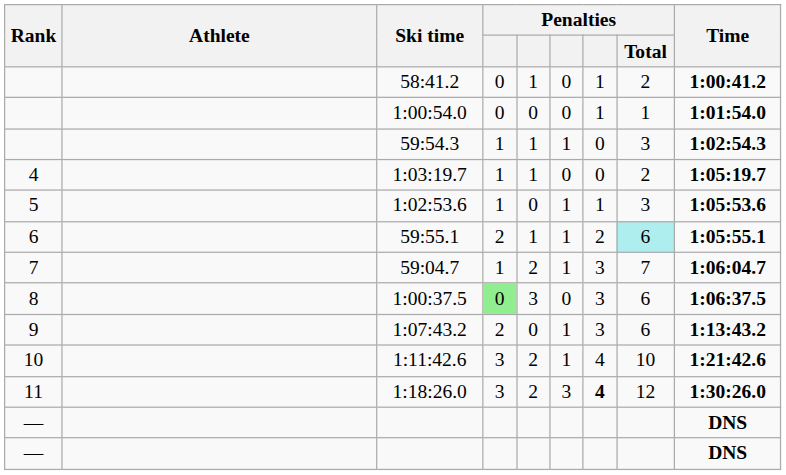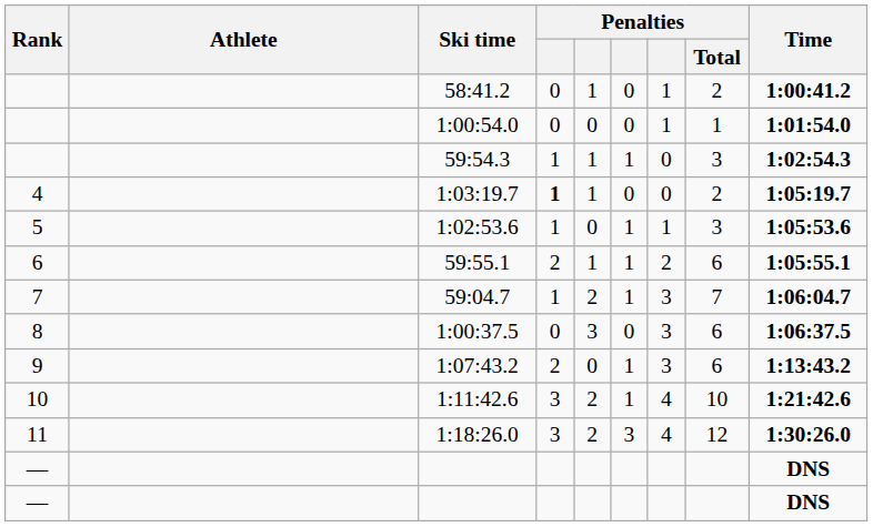 <table class=wikitable style="text-align:center">
 <tr>
 <th rowspan=2 width=40>Rank</th>
 <th rowspan=2 width=250>Athlete</th>
 <th rowspan=2 width=80>Ski time</th>
 <th colspan=5>Penalties</th>
 <th rowspan=2 width=80>Time</th>
 </tr>
 <tr>
 <th width=20></th>
 <th width=20></th>
 <th width=20></th>
 <th width=20></th>
 <th width=40>Total</th>
 </tr>
 <tr>
 <td></td>
 <td align=left></td>
 <td>58:41.2</td>
 <td>0</td>
 <td>1</td>
 <td>0</td>
 <td>1</td>
 <td>2</td>
 <td><strong>1:00:41.2</strong></td>
 </tr>
 <tr>
 <td></td>
 <td align=left></td>
 <td>1:00:54.0</td>
 <td>0</td>
 <td>0</td>
 <td>0</td>
 <td>1</td>
 <td>1</td>
 <td><strong>1:01:54.0</strong></td>
 </tr>
 <tr>
 <td></td>
 <td align=left></td>
 <td>59:54.3</td>
 <td>1</td>
 <td>1</td>
 <td>1</td>
 <td>0</td>
 <td>3</td>
 <td><strong>1:02:54.3</strong></td>
 </tr>
 <tr>
 <td>4</td>
 <td align=left></td>
 <td>1:03:19.7</td>
-<td>1</td>
+<td><strong>1</strong></td>
 <td>1</td>
 <td>0</td>
 <td>0</td>
 <td>2</td>
 <td><strong>1:05:19.7</strong></td>
 </tr>
 <tr>
 <td>5</td>
 <td align=left></td>
 <td>1:02:53.6</td>
 <td>1</td>
 <td>0</td>
 <td>1</td>
 <td>1</td>
 <td>3</td>
 <td><strong>1:05:53.6</strong></td>
 </tr>
 <tr>
 <td>6</td>
 <td align=left></td>
 <td>59:55.1</td>
 <td>2</td>
 <td>1</td>
 <td>1</td>
 <td>2</td>
-<td style="background: paleturquoise;">6</td>
+<td>6</td>
 <td><strong>1:05:55.1</strong></td>
 </tr>
 <tr>
 <td>7</td>
 <td align=left></td>
 <td>59:04.7</td>
 <td>1</td>
 <td>2</td>
 <td>1</td>
 <td>3</td>
 <td>7</td>
 <td><strong>1:06:04.7</strong></td>
 </tr>
 <tr>
 <td>8</td>
 <td align=left></td>
 <td>1:00:37.5</td>
-<td style="background: lightgreen;">0</td>
+<td>0</td>
 <td>3</td>
 <td>0</td>
 <td>3</td>
 <td>6</td>
 <td><strong>1:06:37.5</strong></td>
 </tr>
 <tr>
 <td>9</td>
 <td align=left></td>
 <td>1:07:43.2</td>
 <td>2</td>
 <td>0</td>
 <td>1</td>
 <td>3</td>
 <td>6</td>
 <td><strong>1:13:43.2</strong></td>
 </tr>
 <tr>
 <td>10</td>
 <td align=left></td>
 <td>1:11:42.6</td>
 <td>3</td>
 <td>2</td>
 <td>1</td>
 <td>4</td>
 <td>10</td>
 <td><strong>1:21:42.6</strong></td>
 </tr>
 <tr>
 <td>11</td>
 <td align=left></td>
 <td>1:18:26.0</td>
 <td>3</td>
 <td>2</td>
 <td>3</td>
-<td><strong>4</strong></td>
+<td>4</td>
 <td>12</td>
 <td><strong>1:30:26.0</strong></td>
 </tr>
 <tr>
 <td>—</td>
 <td align=left></td>
 <td></td>
 <td></td>
 <td></td>
 <td></td>
 <td></td>
 <td></td>
 <td><strong>DNS</strong></td>
 </tr>
 <tr>
 <td>—</td>
 <td align=left></td>
 <td></td>
 <td></td>
 <td></td>
 <td></td>
 <td></td>
 <td></td>
 <td><strong>DNS</strong></td>
 </tr>
 </table>
